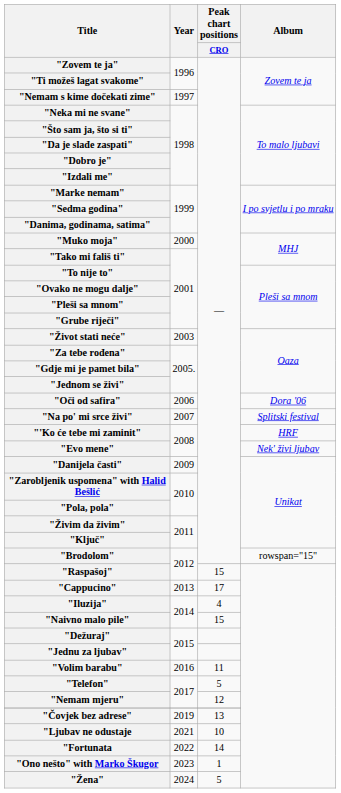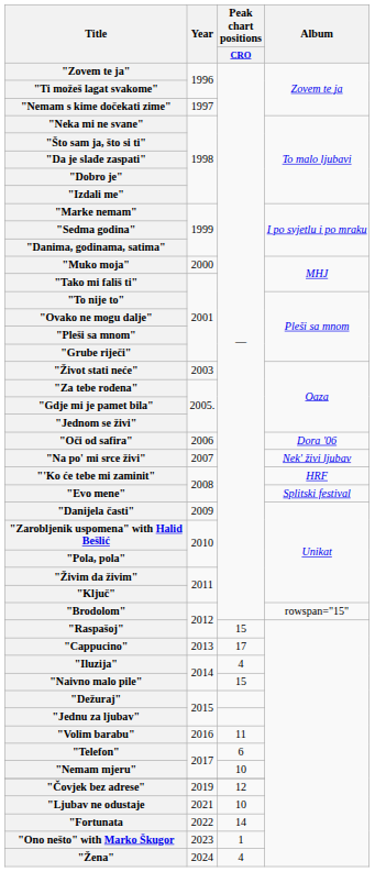 <table class="wikitable plainrowheaders" style="text-align:center;">
 <tr>
 <th scope="col" rowspan="2" style="width:16em;">Title</th>
 <th scope="col" rowspan="2" style="width:1em;">Year</th>
 <th scope="col" colspan="1">Peak chart positions</th>
 <th scope="col" rowspan="2">Album</th>
 </tr>
 <tr>
 <th scope="col" style="width:3em;font-size:85%;"><a href='#'>CRO</a><br></th>
 </tr>
 <tr>
 <th scope="row">"Zovem te ja"</th>
 <td rowspan="2" align="center">1996</td>
 <td colspan="1" rowspan="31" align="center">—</td>
 <td rowspan="3"><em><a href='#'>Zovem te ja</a></em></td>
 </tr>
 <tr>
 <th scope="row">"Ti možeš lagat svakome"</th>
 </tr>
 <tr>
 <th scope="row">"Nemam s kime dočekati zime"</th>
 <td rowspan="1" align="center">1997</td>
 </tr>
 <tr>
 <th scope="row">"Neka mi ne svane"</th>
 <td rowspan="5" align="center">1998</td>
 <td rowspan="5"><em><a href='#'>To malo ljubavi</a></em></td>
 </tr>
 <tr>
 <th scope="row">"Što sam ja, što si ti"</th>
 </tr>
 <tr>
 <th scope="row">"Da je slađe zaspati"</th>
 </tr>
 <tr>
 <th scope="row">"Dobro je"</th>
 </tr>
 <tr>
 <th scope="row">"Izdali me"</th>
 </tr>
 <tr>
 <th scope="row">"Marke nemam"</th>
 <td rowspan="3" align="center">1999</td>
 <td rowspan="3"><em><a href='#'>I po svjetlu i po mraku</a></em></td>
 </tr>
 <tr>
 <th scope="row">"Sedma godina"</th>
 </tr>
 <tr>
 <th scope="row">"Danima, godinama, satima"</th>
 </tr>
 <tr>
 <th scope="row">"Muko moja"</th>
 <td rowspan="1" align="center">2000</td>
 <td rowspan="2"><em><a href='#'>MHJ</a></em></td>
 </tr>
 <tr>
 <th scope="row">"Tako mi fališ ti"</th>
 <td rowspan="5" align="center">2001</td>
 </tr>
 <tr>
 <th scope="row">"To nije to"</th>
 <td rowspan="4"><em><a href='#'>Pleši sa mnom</a></em></td>
 </tr>
 <tr>
 <th scope="row">"Ovako ne mogu dalje"</th>
 </tr>
 <tr>
 <th scope="row">"Pleši sa mnom"</th>
 </tr>
 <tr>
 <th scope="row">"Grube riječi"</th>
 </tr>
 <tr>
 <th scope="row">"Život stati neće"</th>
 <td rowspan="1" align="center">2003</td>
 <td rowspan="4"><em><a href='#'>Oaza</a></em></td>
 </tr>
 <tr>
 <th scope="row">"Za tebe rođena"</th>
 <td rowspan="3" align="center">2005.</td>
 </tr>
 <tr>
 <th scope="row">"Gdje mi je pamet bila"</th>
 </tr>
 <tr>
 <th scope="row">"Jednom se živi"</th>
 </tr>
 <tr>
 <th scope="row">"Oči od safira"</th>
 <td rowspan="1" align="center">2006</td>
 <td rowspan="1"><em><a href='#'>Dora '06</a></em></td>
 </tr>
 <tr>
 <th scope="row">"Na po' mi srce živi"</th>
 <td rowspan="1" align="center">2007</td>
-<td rowspan="1"><em><a href='#'>Splitski festival</a></em></td>
+<td rowspan="1"><em><a href='#'>Nek' živi ljubav</a></em></td>
 </tr>
 <tr>
 <th scope="row">"'Ko će tebe mi zaminit"</th>
 <td rowspan="2" align="center">2008</td>
 <td rowspan="1"><em><a href='#'>HRF</a></em></td>
 </tr>
 <tr>
 <th scope="row">"Evo mene"</th>
-<td rowspan="1"><em><a href='#'>Nek' živi ljubav</a></em></td>
+<td rowspan="1"><em><a href='#'>Splitski festival</a></em></td>
 </tr>
 <tr>
 <th scope="row">"Danijela časti"</th>
 <td rowspan="1" align="center">2009</td>
 <td rowspan="5"><em><a href='#'>Unikat</a></em></td>
 </tr>
 <tr>
 <th scope="row">"Zarobljenik uspomena" with <a href='#'>Halid Bešlić</a></th>
 <td rowspan="2" align="center">2010</td>
 </tr>
 <tr>
 <th scope="row">"Pola, pola"</th>
 </tr>
 <tr>
 <th scope="row">"Živim da živim"</th>
 <td rowspan="2" align="center">2011</td>
 </tr>
 <tr>
 <th scope="row">"Ključ"</th>
 </tr>
 <tr>
 <th scope="row">"Brodolom"</th>
 <td rowspan="2" align="center">2012</td>
 <td>rowspan="15" </td>
 </tr>
 <tr>
 <th scope="row">"Raspašoj"</th>
 <td>15</td>
 </tr>
 <tr>
 <th scope="row">"Cappucino"</th>
 <td rowspan="1" align="center">2013</td>
 <td>17</td>
 </tr>
 <tr>
 <th scope="row">"Iluzija"</th>
 <td rowspan="2" align="center">2014</td>
 <td>4</td>
 </tr>
 <tr>
 <th scope="row">"Naivno malo pile"</th>
 <td>15</td>
 </tr>
 <tr>
 <th scope="row">"Dežuraj"</th>
 <td rowspan="2" align="center">2015</td>
 <td></td>
 </tr>
 <tr>
 <th scope="row">"Jednu za ljubav"</th>
 <td></td>
 </tr>
 <tr>
 <th scope="row">"Volim barabu"</th>
 <td>2016</td>
 <td>11</td>
 </tr>
 <tr>
 <th scope="row">"Telefon"</th>
 <td rowspan="2">2017</td>
-<td>5</td>
+<td>6</td>
 </tr>
 <tr>
 <th scope="row">"Nemam mjeru"</th>
-<td>12</td>
+<td>10</td>
 </tr>
 <tr>
 </tr>
 <tr>
 <th scope="row">"Čovjek bez adrese"</th>
 <td>2019</td>
-<td>13</td>
+<td>12</td>
 </tr>
 <tr>
 <th scope="row">"Ljubav ne odustaje</th>
 <td>2021</td>
 <td>10 </td>
 </tr>
 <tr>
 <th scope="row">"Fortunata</th>
 <td>2022</td>
 <td>14</td>
 </tr>
 <tr>
 <th scope="row">"Ono nešto" with <a href='#'>Marko Škugor</a></th>
 <td>2023</td>
 <td>1 </td>
 </tr>
 <tr>
 <th scope="row">"Žena"</th>
 <td>2024</td>
-<td>5 </td>
+<td>4 </td>
 </tr>
 </table>
